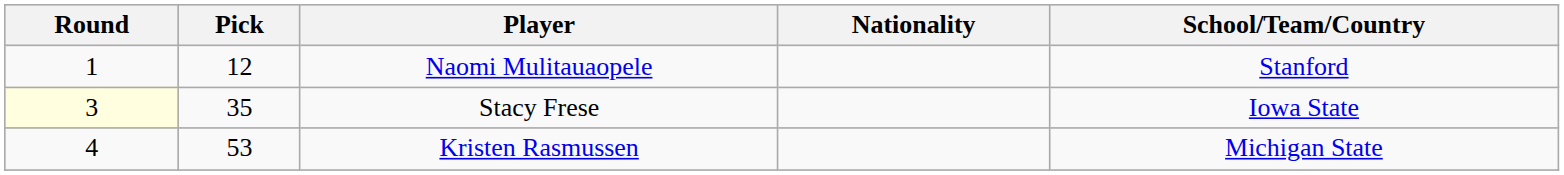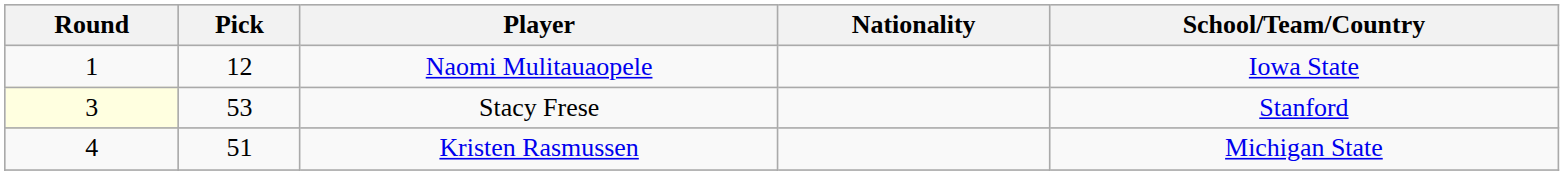 <table class="wikitable" style="text-align:center; width:60em">
 <tr>
 <th>Round</th>
 <th>Pick</th>
 <th>Player</th>
 <th>Nationality</th>
 <th>School/Team/Country</th>
 </tr>
 <tr>
 <td>1</td>
 <td>12</td>
 <td><a href='#'>Naomi Mulitauaopele</a></td>
 <td></td>
+<td><a href='#'>Iowa State</a></td>
+</tr>
+<tr>
+<td style="background: lightyellow;">3</td>
+<td>53</td>
+<td>Stacy Frese</td>
+<td></td>
 <td><a href='#'>Stanford</a></td>
 </tr>
 <tr>
-<td style="background: lightyellow;">3</td>
-<td>35</td>
-<td>Stacy Frese</td>
-<td></td>
-<td><a href='#'>Iowa State</a></td>
-</tr>
-<tr>
 <td>4</td>
-<td>53</td>
+<td>51</td>
 <td><a href='#'>Kristen Rasmussen</a></td>
 <td></td>
 <td><a href='#'>Michigan State</a></td>
 </tr>
 </table>
